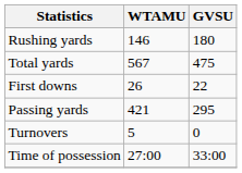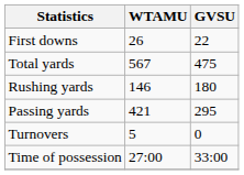 <table class="wikitable">
 <tr>
 <th>Statistics</th>
 <th>WTAMU</th>
 <th>GVSU</th>
 </tr>
 <tr>
-<td>Rushing yards</td>
-<td>146</td>
-<td>180</td>
+<td>First downs</td>
+<td>26</td>
+<td>22</td>
 </tr>
 <tr>
 <td>Total yards</td>
 <td>567</td>
 <td>475</td>
 </tr>
 <tr>
-<td>First downs</td>
-<td>26</td>
-<td>22</td>
+<td>Rushing yards</td>
+<td>146</td>
+<td>180</td>
 </tr>
 <tr>
 <td>Passing yards</td>
 <td>421</td>
 <td>295</td>
 </tr>
 <tr>
 <td>Turnovers</td>
 <td>5</td>
 <td>0</td>
 </tr>
 <tr>
 <td>Time of possession</td>
 <td>27:00</td>
 <td>33:00</td>
 </tr>
 <tr>
 </tr>
 </table>
